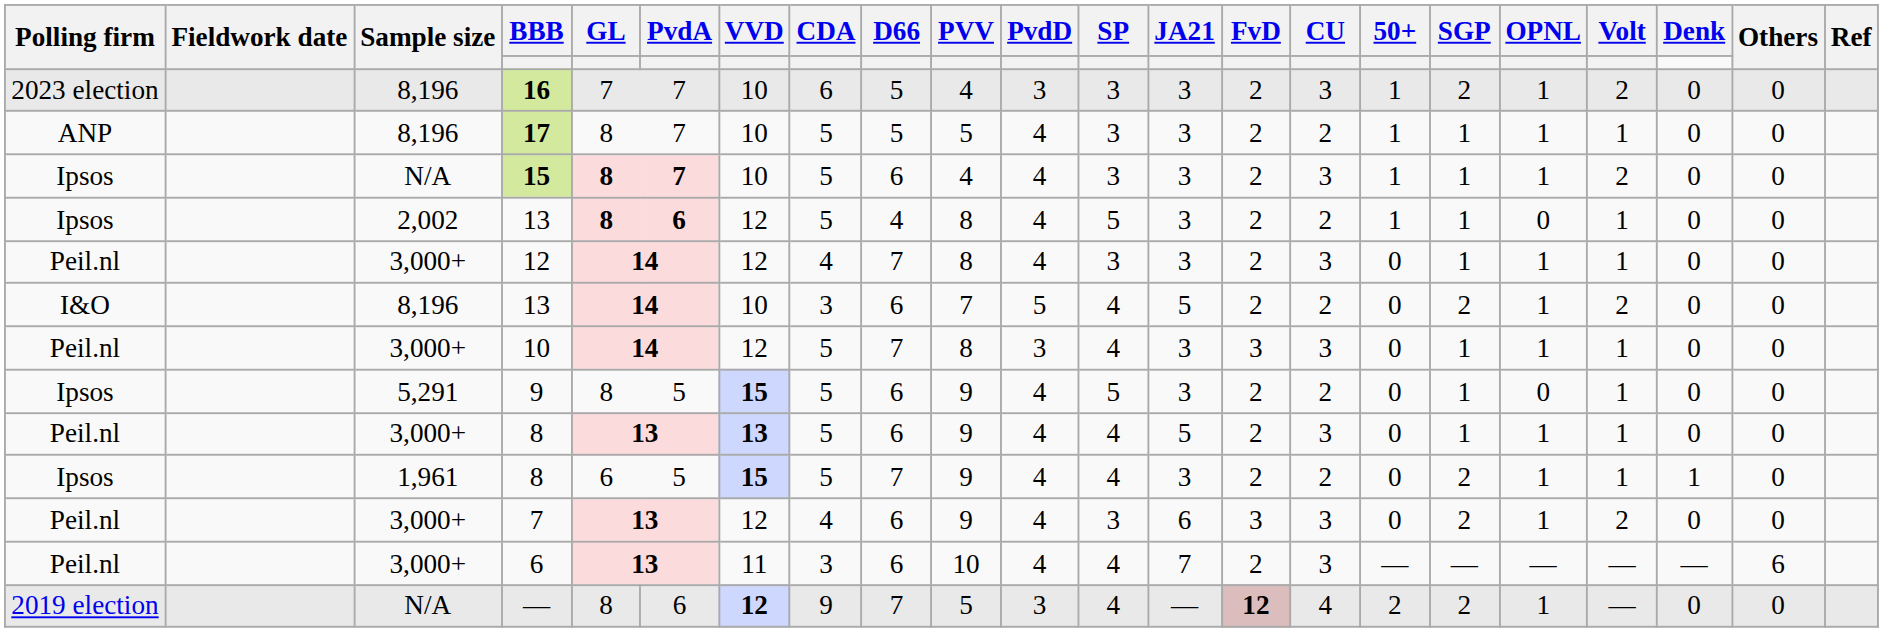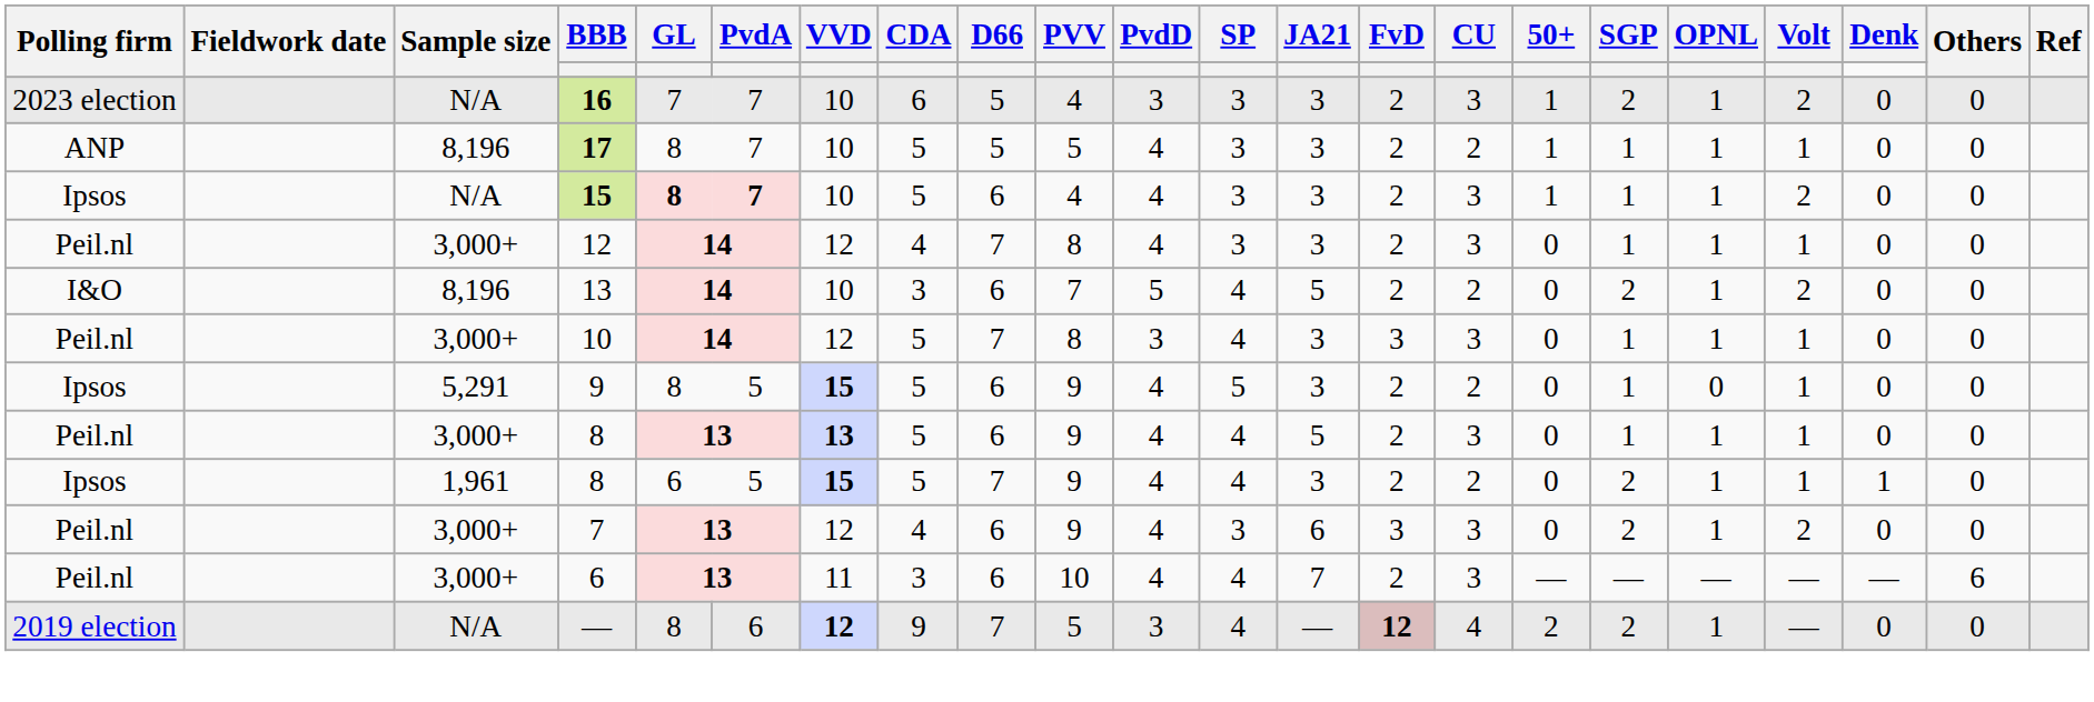 <table class="wikitable sortable tpl-blanktable" style="text-align:center;font-size:90%;line-height:16px;">
 <tr>
 <th rowspan="2">Polling firm</th>
 <th rowspan="2">Fieldwork date</th>
 <th rowspan="2">Sample size</th>
 <th class="unsortable" style="width:30px; height:20px;"><a href='#'>BBB</a></th>
 <th class="unsortable" style="width:30px;"><a href='#'>GL</a></th>
 <th class="unsortable" style="width:30px;"><a href='#'>PvdA</a></th>
 <th class="unsortable" style="width:30px;"><a href='#'>VVD</a></th>
 <th class="unsortable" style="width:30px;"><a href='#'>CDA</a></th>
 <th class="unsortable" style="width:30px;"><a href='#'>D66</a></th>
 <th class="unsortable" style="width:30px;"><a href='#'>PVV</a></th>
 <th class="unsortable" style="width:30px;"><a href='#'>PvdD</a></th>
 <th class="unsortable" style="width:30px;"><a href='#'>SP</a></th>
 <th class="unsortable" style="width:30px;"><a href='#'>JA21</a></th>
 <th class="unsortable" style="width:30px;"><a href='#'>FvD</a></th>
 <th class="unsortable" style="width:30px;"><a href='#'>CU</a></th>
 <th class="unsortable" style="width:30px;"><a href='#'>50+</a></th>
 <th class="unsortable" style="width:30px;"><a href='#'>SGP</a></th>
 <th class="unsortable" style="width:30px;"><a href='#'>OPNL</a></th>
 <th class="unsortable" style="width:30px;"><a href='#'>Volt</a></th>
 <th class="unsortable" style="width:30px;"><a href='#'>Denk</a></th>
 <th class="unsortable" style="width:30px;" rowspan="2">Others</th>
 <th rowspan="2">Ref</th>
 </tr>
 <tr>
 <th data-sort-type="number" style="background:"></th>
 <th data-sort-type="number" style="background:"></th>
 <th data-sort-type="number" style="background:"></th>
 <th data-sort-type="number" style="background:"></th>
 <th data-sort-type="number" style="background:"></th>
 <th data-sort-type="number" style="background:"></th>
 <th data-sort-type="number" style="background:"></th>
 <th data-sort-type="number" style="background:"></th>
 <th data-sort-type="number" style="background:"></th>
 <th data-sort-type="number" style="background:"></th>
 <th data-sort-type="number" style="background:"></th>
 <th data-sort-type="number" style="background:"></th>
 <th data-sort-type="number" style="background:"></th>
 <th data-sort-type="number" style="background:"></th>
 <th data-sort-type="number" style="background:"></th>
 <th data-sort-type="number" style="background:"></th>
 </tr>
 <tr style="background:#E9E9E9;">
 <td>2023 election</td>
 <td></td>
-<td>8,196</td>
+<td>N/A</td>
 <td style="background:#d3ea9e;"><strong>16</strong></td>
 <td style="border-right:none;">7</td>
 <td style="border-left:none;">7</td>
 <td>10</td>
 <td>6</td>
 <td>5</td>
 <td>4</td>
 <td>3</td>
 <td>3</td>
 <td>3</td>
 <td>2</td>
 <td>3</td>
 <td>1</td>
 <td>2</td>
 <td>1</td>
 <td>2</td>
 <td>0</td>
 <td>0</td>
 <td></td>
 </tr>
 <tr>
 <td>ANP</td>
 <td></td>
 <td>8,196</td>
 <td style="background:#d3ea9e;"><strong>17</strong></td>
 <td style="border-right:none;">8</td>
 <td style="border-left:none;">7</td>
 <td>10</td>
 <td>5</td>
 <td>5</td>
 <td>5</td>
 <td>4</td>
 <td>3</td>
 <td>3</td>
 <td>2</td>
 <td>2</td>
 <td>1</td>
 <td>1</td>
 <td>1</td>
 <td>1</td>
 <td>0</td>
 <td>0</td>
 <td></td>
 </tr>
 <tr>
 <td>Ipsos</td>
 <td></td>
 <td>N/A</td>
 <td style="background:#d3ea9e;"><strong>15</strong></td>
 <td style="border-right:none; background:#fbdbdc;"><strong>8</strong></td>
 <td style="border-left:none; background:#fbdbdc;"><strong>7</strong></td>
 <td>10</td>
 <td>5</td>
 <td>6</td>
 <td>4</td>
 <td>4</td>
 <td>3</td>
 <td>3</td>
 <td>2</td>
 <td>3</td>
 <td>1</td>
 <td>1</td>
 <td>1</td>
 <td>2</td>
-<td>0</td>
-<td>0</td>
-<td></td>
-</tr>
-<tr>
-<td>Ipsos</td>
-<td></td>
-<td>2,002</td>
-<td>13</td>
-<td style="border-right:none; background:#fbdbdc;"><strong>8</strong></td>
-<td style="border-left:none; background:#fbdbdc;"><strong>6</strong></td>
-<td>12</td>
-<td>5</td>
-<td>4</td>
-<td>8</td>
-<td>4</td>
-<td>5</td>
-<td>3</td>
-<td>2</td>
-<td>2</td>
-<td>1</td>
-<td>1</td>
-<td>0</td>
-<td>1</td>
 <td>0</td>
 <td>0</td>
 <td></td>
 </tr>
 <tr>
 <td>Peil.nl</td>
 <td></td>
 <td>3,000+</td>
 <td>12</td>
 <td colspan="2" style="background:#fbdbdc;"><strong>14</strong></td>
 <td>12</td>
 <td>4</td>
 <td>7</td>
 <td>8</td>
 <td>4</td>
 <td>3</td>
 <td>3</td>
 <td>2</td>
 <td>3</td>
 <td>0</td>
 <td>1</td>
 <td>1</td>
 <td>1</td>
 <td>0</td>
 <td>0</td>
 <td></td>
 </tr>
 <tr>
 <td>I&O</td>
 <td></td>
 <td>8,196</td>
 <td>13</td>
 <td colspan="2" style="background:#fbdbdc;"><strong>14</strong></td>
 <td>10</td>
 <td>3</td>
 <td>6</td>
 <td>7</td>
 <td>5</td>
 <td>4</td>
 <td>5</td>
 <td>2</td>
 <td>2</td>
 <td>0</td>
 <td>2</td>
 <td>1</td>
 <td>2</td>
 <td>0</td>
 <td>0</td>
 <td></td>
 </tr>
 <tr>
 <td>Peil.nl</td>
 <td></td>
 <td>3,000+</td>
 <td>10</td>
 <td colspan="2" style="background:#fbdbdc;"><strong>14</strong></td>
 <td>12</td>
 <td>5</td>
 <td>7</td>
 <td>8</td>
 <td>3</td>
 <td>4</td>
 <td>3</td>
 <td>3</td>
 <td>3</td>
 <td>0</td>
 <td>1</td>
 <td>1</td>
 <td>1</td>
 <td>0</td>
 <td>0</td>
 <td></td>
 </tr>
 <tr>
 <td>Ipsos</td>
 <td></td>
 <td>5,291</td>
 <td>9</td>
 <td style="border-right:none;">8</td>
 <td style="border-left:none;">5</td>
 <td style="background:#CED7FD;"><strong>15</strong></td>
 <td>5</td>
 <td>6</td>
 <td>9</td>
 <td>4</td>
 <td>5</td>
 <td>3</td>
 <td>2</td>
 <td>2</td>
 <td>0</td>
 <td>1</td>
 <td>0</td>
 <td>1</td>
 <td>0</td>
 <td>0</td>
 <td></td>
 </tr>
 <tr>
 <td>Peil.nl</td>
 <td></td>
 <td>3,000+</td>
 <td>8</td>
 <td colspan="2" style="background:#fbdbdc;"><strong>13</strong></td>
 <td style="background:#CED7FD;"><strong>13</strong></td>
 <td>5</td>
 <td>6</td>
 <td>9</td>
 <td>4</td>
 <td>4</td>
 <td>5</td>
 <td>2</td>
 <td>3</td>
 <td>0</td>
 <td>1</td>
 <td>1</td>
 <td>1</td>
 <td>0</td>
 <td>0</td>
 <td></td>
 </tr>
 <tr>
 <td>Ipsos</td>
 <td></td>
 <td>1,961</td>
 <td>8</td>
 <td style="border-right:none;">6</td>
 <td style="border-left:none;">5</td>
 <td style="background:#CED7FD;"><strong>15</strong></td>
 <td>5</td>
 <td>7</td>
 <td>9</td>
 <td>4</td>
 <td>4</td>
 <td>3</td>
 <td>2</td>
 <td>2</td>
 <td>0</td>
 <td>2</td>
 <td>1</td>
 <td>1</td>
 <td>1</td>
 <td>0</td>
 <td></td>
 </tr>
 <tr>
 <td>Peil.nl</td>
 <td></td>
 <td>3,000+</td>
 <td>7</td>
 <td colspan="2" style="background:#fbdbdc;"><strong>13</strong></td>
 <td>12</td>
 <td>4</td>
 <td>6</td>
 <td>9</td>
 <td>4</td>
 <td>3</td>
 <td>6</td>
 <td>3</td>
 <td>3</td>
 <td>0</td>
 <td>2</td>
 <td>1</td>
 <td>2</td>
 <td>0</td>
 <td>0</td>
 <td></td>
 </tr>
 <tr>
 <td>Peil.nl</td>
 <td></td>
 <td>3,000+</td>
 <td>6</td>
 <td colspan="2" style="background:#fbdbdc;"><strong>13</strong></td>
 <td>11</td>
 <td>3</td>
 <td>6</td>
 <td>10</td>
 <td>4</td>
 <td>4</td>
 <td>7</td>
 <td>2</td>
 <td>3</td>
 <td>—</td>
 <td>—</td>
 <td>—</td>
 <td>—</td>
 <td>—</td>
 <td>6</td>
 <td></td>
 </tr>
 <tr style="background:#E9E9E9;">
 <td><a href='#'>2019 election</a></td>
 <td></td>
 <td>N/A</td>
 <td>—</td>
 <td>8</td>
 <td>6</td>
 <td style="background:#CED7FD;"><strong>12</strong></td>
 <td>9</td>
 <td>7</td>
 <td>5</td>
 <td>3</td>
 <td>4</td>
 <td>—</td>
 <td style="background:#DBBDBD;"><strong>12</strong></td>
 <td>4</td>
 <td>2</td>
 <td>2</td>
 <td>1</td>
 <td>—</td>
 <td>0</td>
 <td>0</td>
 <td></td>
 </tr>
 </table>
